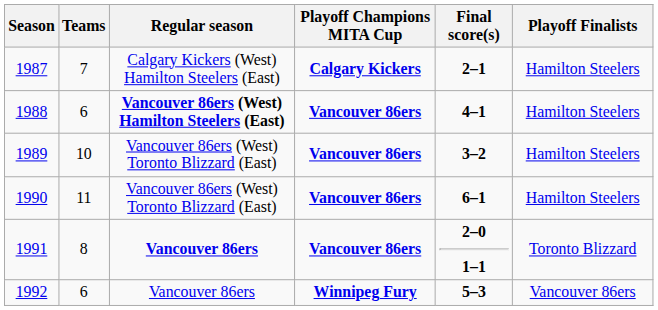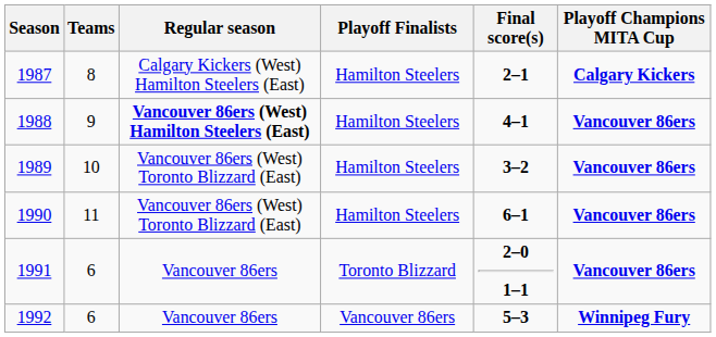 <table class="wikitable" style="text-align:center">
 <tr>
 <th width="40">Season</th>
 <th>Teams</th>
 <th style="width:180px;">Regular season</th>
+<th style="width:135px;">Playoff Finalists</th>
+<th style="width:70px;">Final score(s)</th>
 <th style="width:135px;">Playoff Champions<br>MITA Cup</th>
-<th style="width:70px;">Final score(s)</th>
-<th style="width:135px;">Playoff Finalists</th>
 </tr>
 <tr>
 <td><a href='#'>1987</a></td>
-<td>7</td>
+<td>8</td>
 <td><a href='#'>Calgary Kickers</a> (West)<br> <a href='#'>Hamilton Steelers</a> (East)</td>
+<td><a href='#'>Hamilton Steelers</a></td>
+<td><strong>2–1</strong></td>
 <td><strong><a href='#'>Calgary Kickers</a></strong></td>
-<td><strong>2–1</strong></td>
-<td><a href='#'>Hamilton Steelers</a></td>
 </tr>
 <tr>
 <td><a href='#'>1988</a></td>
-<td>6</td>
+<td>9</td>
 <td><strong><a href='#'>Vancouver 86ers</a> (West)<br> <a href='#'>Hamilton Steelers</a> (East)</strong></td>
+<td><a href='#'>Hamilton Steelers</a></td>
+<td><strong>4–1</strong></td>
 <td><strong><a href='#'>Vancouver 86ers</a></strong></td>
-<td><strong>4–1</strong></td>
-<td><a href='#'>Hamilton Steelers</a></td>
 </tr>
 <tr>
 <td><a href='#'>1989</a></td>
 <td>10</td>
 <td><a href='#'>Vancouver 86ers</a> (West)<br> <a href='#'>Toronto Blizzard</a> (East)</td>
+<td><a href='#'>Hamilton Steelers</a></td>
+<td><strong>3–2</strong></td>
 <td><strong><a href='#'>Vancouver 86ers</a></strong></td>
-<td><strong>3–2</strong></td>
-<td><a href='#'>Hamilton Steelers</a></td>
 </tr>
 <tr>
 <td><a href='#'>1990</a></td>
 <td>11</td>
 <td><a href='#'>Vancouver 86ers</a> (West)<br> <a href='#'>Toronto Blizzard</a> (East)</td>
+<td><a href='#'>Hamilton Steelers</a></td>
+<td><strong>6–1</strong></td>
 <td><strong><a href='#'>Vancouver 86ers</a></strong></td>
-<td><strong>6–1</strong></td>
-<td><a href='#'>Hamilton Steelers</a></td>
 </tr>
 <tr>
 <td><a href='#'>1991</a></td>
-<td>8</td>
+<td>6</td>
+<td><a href='#'>Vancouver 86ers</a></td>
+<td><a href='#'>Toronto Blizzard</a></td>
+<td><strong>2–0<hr>1–1</strong></td>
 <td><strong><a href='#'>Vancouver 86ers</a></strong></td>
-<td><strong><a href='#'>Vancouver 86ers</a></strong></td>
-<td><strong>2–0<hr>1–1</strong></td>
-<td><a href='#'>Toronto Blizzard</a></td>
 </tr>
 <tr>
 <td><a href='#'>1992</a></td>
 <td>6</td>
 <td><a href='#'>Vancouver 86ers</a></td>
+<td><a href='#'>Vancouver 86ers</a></td>
+<td><strong>5–3</strong></td>
 <td><strong><a href='#'>Winnipeg Fury</a></strong></td>
-<td><strong>5–3</strong></td>
-<td><a href='#'>Vancouver 86ers</a></td>
 </tr>
 </table>
